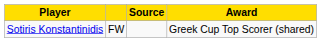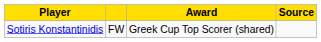 <table class="wikitable">
 <tr>
 <th style="background:#FFDE00">Player</th>
 <th style="background:#FFDE00"></th>
+<th style="background:#FFDE00">Award</th>
 <th style="background:#FFDE00">Source</th>
-<th style="background:#FFDE00">Award</th>
 </tr>
 <tr>
 <td> <a href='#'>Sotiris Konstantinidis</a></td>
 <td align="center">FW</td>
+<td align="center">Greek Cup Top Scorer (shared)</td>
 <td align="center"></td>
-<td align="center">Greek Cup Top Scorer (shared)</td>
 </tr>
 </table>
